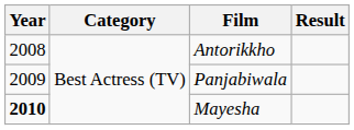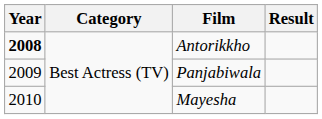 <table class="wikitable" style="font-size: 95%;">
 <tr>
 <th>Year</th>
 <th>Category</th>
 <th>Film</th>
 <th>Result</th>
 </tr>
 <tr>
-<td>2008</td>
+<td><strong>2008</strong></td>
 <td rowspan="3">Best Actress (TV)</td>
 <td><em>Antorikkho</em></td>
 <td></td>
 </tr>
 <tr>
 <td>2009</td>
 <td><em>Panjabiwala</em></td>
 <td></td>
 </tr>
 <tr>
-<td><strong>2010</strong></td>
+<td>2010</td>
 <td><em>Mayesha</em></td>
 <td></td>
 </tr>
 </table>
